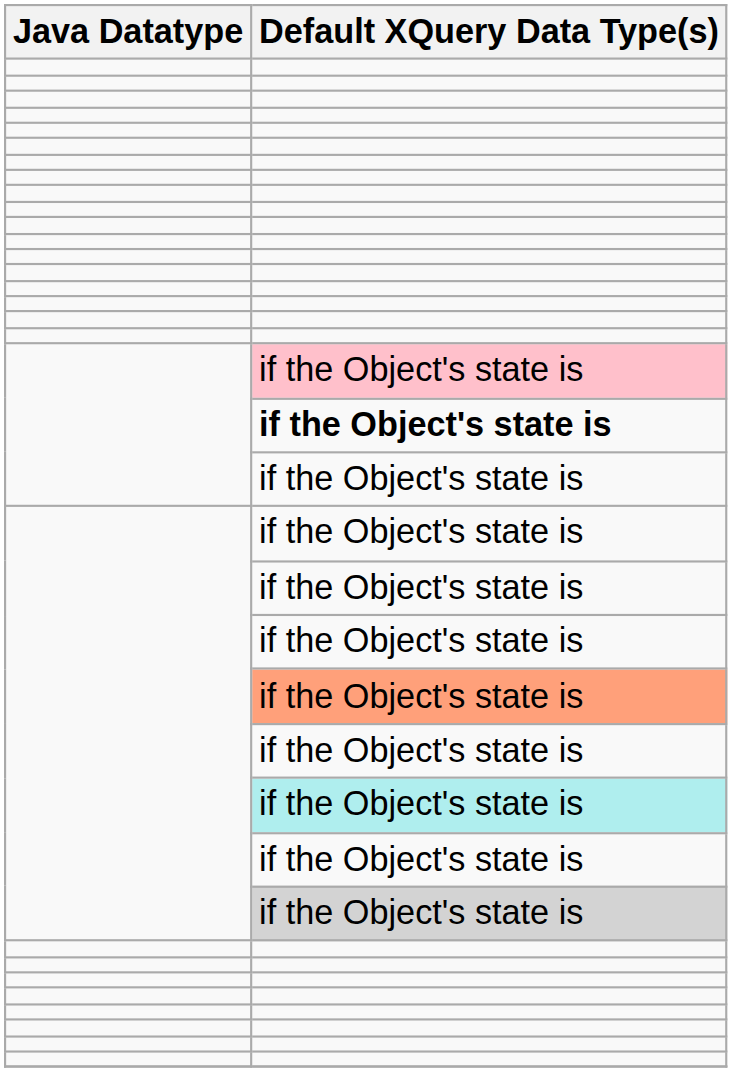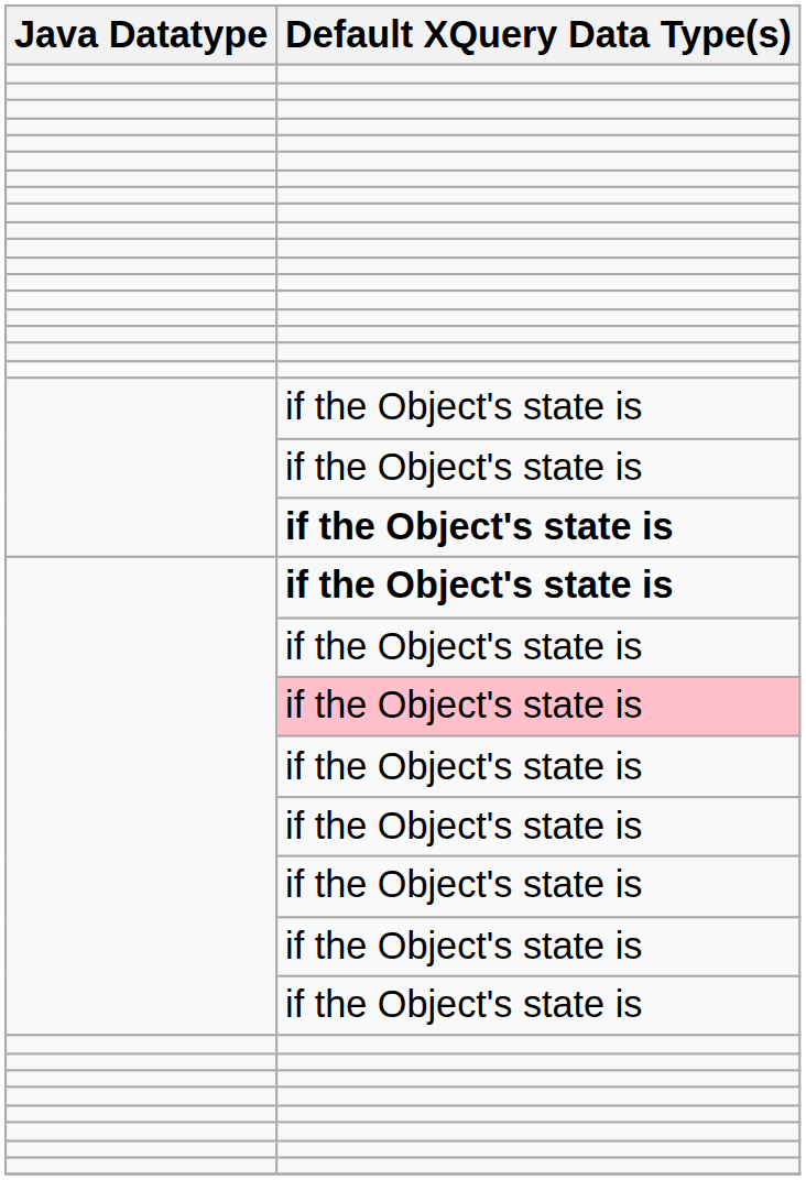 <table class="wikitable">
 <tr>
 <th>Java Datatype</th>
 <th>Default XQuery Data Type(s)</th>
 </tr>
 <tr>
 <td></td>
 <td></td>
 </tr>
 <tr>
 <td></td>
 <td></td>
 </tr>
 <tr>
 <td></td>
 <td></td>
 </tr>
 <tr>
 <td></td>
 <td></td>
 </tr>
 <tr>
 <td></td>
 <td></td>
 </tr>
 <tr>
 <td></td>
 <td></td>
 </tr>
 <tr>
 <td></td>
 <td></td>
 </tr>
 <tr>
 <td></td>
 <td></td>
 </tr>
 <tr>
 <td></td>
 <td></td>
 </tr>
 <tr>
 <td></td>
 <td></td>
 </tr>
 <tr>
 <td></td>
 <td></td>
 </tr>
 <tr>
 <td></td>
 <td></td>
 </tr>
 <tr>
 <td></td>
 <td></td>
 </tr>
 <tr>
 <td></td>
 <td></td>
 </tr>
 <tr>
 <td></td>
 <td></td>
 </tr>
 <tr>
 <td></td>
 <td></td>
 </tr>
 <tr>
 <td></td>
 <td></td>
 </tr>
 <tr>
 <td></td>
 <td></td>
 </tr>
 <tr>
 <td rowspan="3"></td>
-<td style="background: pink;"> if the  Object's state is </td>
+<td> if the  Object's state is </td>
 </tr>
 <tr>
+<td> if the  Object's state is </td>
+</tr>
+<tr>
+<td><strong> if the  Object's state is </strong></td>
+</tr>
+<tr>
+<td rowspan="8"></td>
 <td><strong> if the  Object's state is </strong></td>
 </tr>
 <tr>
 <td> if the  Object's state is </td>
 </tr>
 <tr>
-<td rowspan="8"></td>
+<td style="background: pink;"> if the  Object's state is </td>
+</tr>
+<tr>
 <td> if the  Object's state is </td>
 </tr>
 <tr>
 <td> if the  Object's state is </td>
 </tr>
 <tr>
 <td> if the  Object's state is </td>
 </tr>
 <tr>
-<td style="background: lightsalmon;"> if the  Object's state is </td>
+<td> if the  Object's state is </td>
 </tr>
 <tr>
 <td> if the  Object's state is </td>
-</tr>
-<tr>
-<td style="background: paleturquoise;"> if the  Object's state is </td>
-</tr>
-<tr>
-<td> if the  Object's state is </td>
-</tr>
-<tr>
-<td style="background: lightgrey;"> if the  Object's state is </td>
 </tr>
 <tr>
 <td></td>
 <td></td>
 </tr>
 <tr>
 <td></td>
 <td></td>
 </tr>
 <tr>
 <td></td>
 <td></td>
 </tr>
 <tr>
 <td></td>
 <td></td>
 </tr>
 <tr>
 <td></td>
 <td></td>
 </tr>
 <tr>
 <td></td>
 <td></td>
 </tr>
 <tr>
 <td></td>
 <td></td>
 </tr>
 <tr>
 <td></td>
 <td></td>
 </tr>
 <tr>
 </tr>
 </table>
